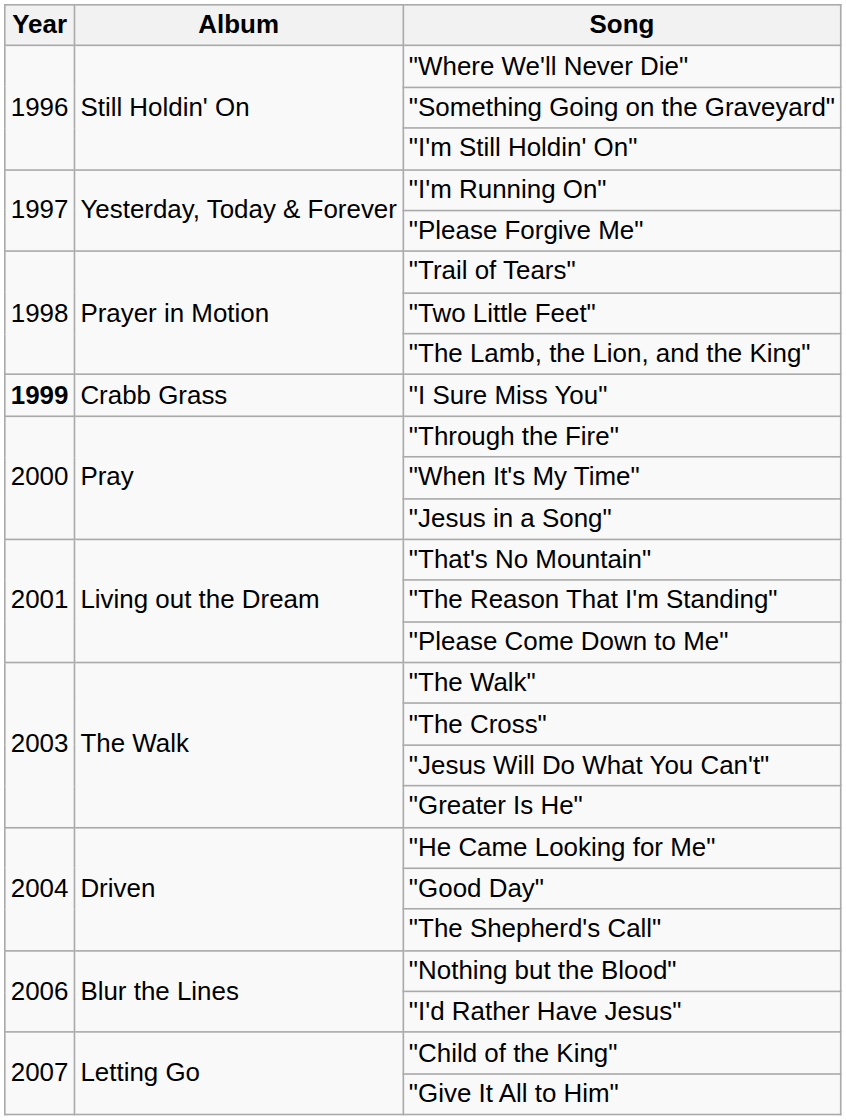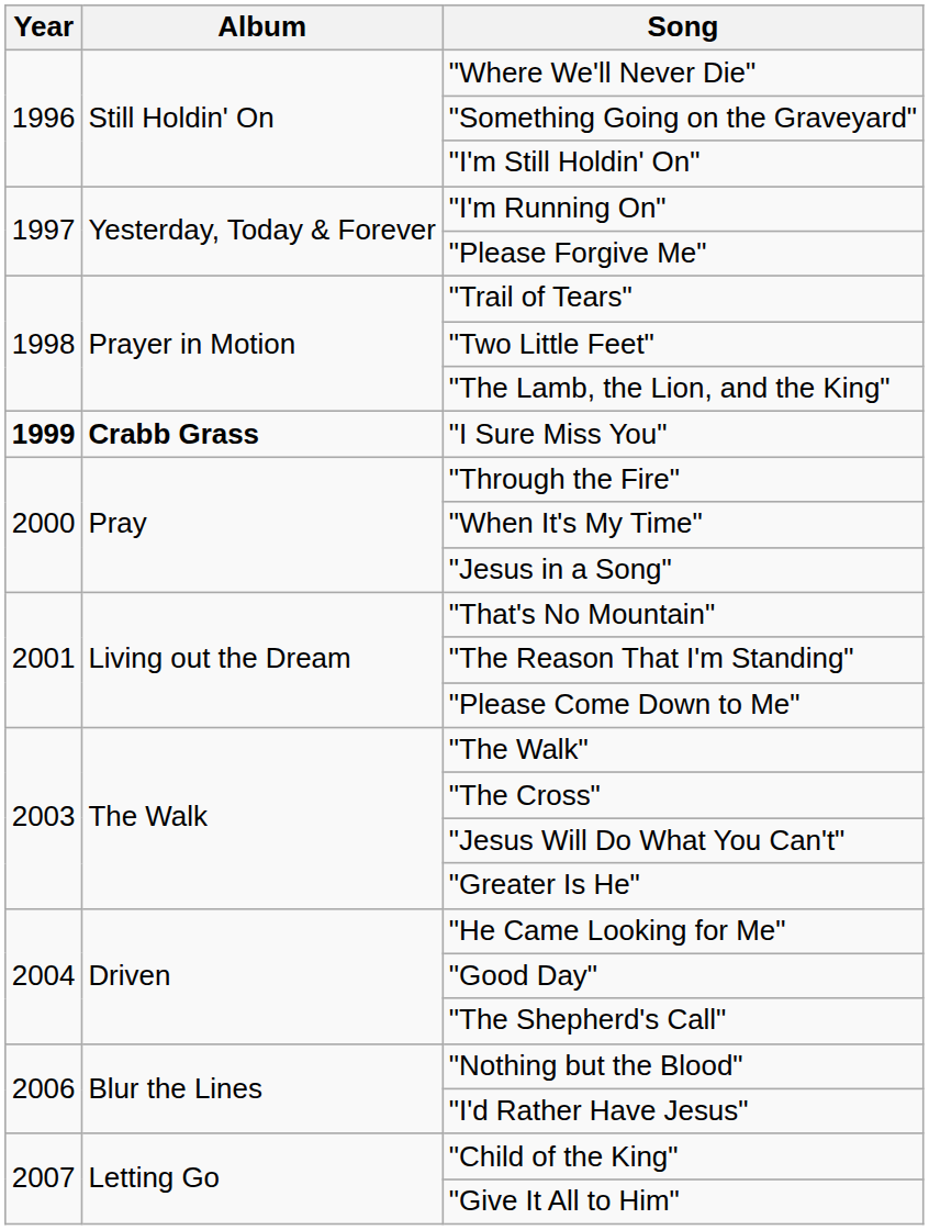 <table class="wikitable">
 <tr>
 <th>Year</th>
 <th>Album</th>
 <th>Song</th>
 </tr>
 <tr>
 <td rowspan="3">1996</td>
 <td rowspan="3">Still Holdin' On</td>
 <td>"Where We'll Never Die"</td>
 </tr>
 <tr>
 <td>"Something Going on  the Graveyard"</td>
 </tr>
 <tr>
 <td>"I'm Still Holdin' On"</td>
 </tr>
 <tr>
 <td rowspan="2">1997</td>
 <td rowspan="2">Yesterday, Today & Forever</td>
 <td>"I'm Running On"</td>
 </tr>
 <tr>
 <td>"Please Forgive Me"</td>
 </tr>
 <tr>
 <td rowspan="3">1998</td>
 <td rowspan="3">Prayer in Motion</td>
 <td>"Trail of Tears"</td>
 </tr>
 <tr>
 <td>"Two Little Feet"</td>
 </tr>
 <tr>
 <td>"The Lamb, the Lion, and the King"</td>
 </tr>
 <tr>
 <td><strong>1999</strong></td>
-<td>Crabb Grass</td>
+<td><strong>Crabb Grass</strong></td>
 <td>"I Sure Miss You"</td>
 </tr>
 <tr>
 <td rowspan="3">2000</td>
 <td rowspan="3">Pray</td>
 <td>"Through the Fire"</td>
 </tr>
 <tr>
 <td>"When It's My Time"</td>
 </tr>
 <tr>
 <td>"Jesus in a Song"</td>
 </tr>
 <tr>
 <td rowspan="3">2001</td>
 <td rowspan="3">Living out the Dream</td>
 <td>"That's No Mountain"</td>
 </tr>
 <tr>
 <td>"The Reason That I'm Standing"</td>
 </tr>
 <tr>
 <td>"Please Come Down to Me"</td>
 </tr>
 <tr>
 <td rowspan="4">2003</td>
 <td rowspan="4">The Walk</td>
 <td>"The Walk"</td>
 </tr>
 <tr>
 <td>"The Cross"</td>
 </tr>
 <tr>
 <td>"Jesus Will Do What You Can't"</td>
 </tr>
 <tr>
 <td>"Greater Is He"</td>
 </tr>
 <tr>
 <td rowspan="3">2004</td>
 <td rowspan="3">Driven</td>
 <td>"He Came Looking for Me"</td>
 </tr>
 <tr>
 <td>"Good Day"</td>
 </tr>
 <tr>
 <td>"The Shepherd's Call"</td>
 </tr>
 <tr>
 <td rowspan="2">2006</td>
 <td rowspan="2">Blur the Lines</td>
 <td>"Nothing but the Blood"</td>
 </tr>
 <tr>
 <td>"I'd Rather Have Jesus"</td>
 </tr>
 <tr>
 <td rowspan="2">2007</td>
 <td rowspan="2">Letting Go</td>
 <td>"Child of the King"</td>
 </tr>
 <tr>
 <td>"Give It All to Him"</td>
 </tr>
 </table>
